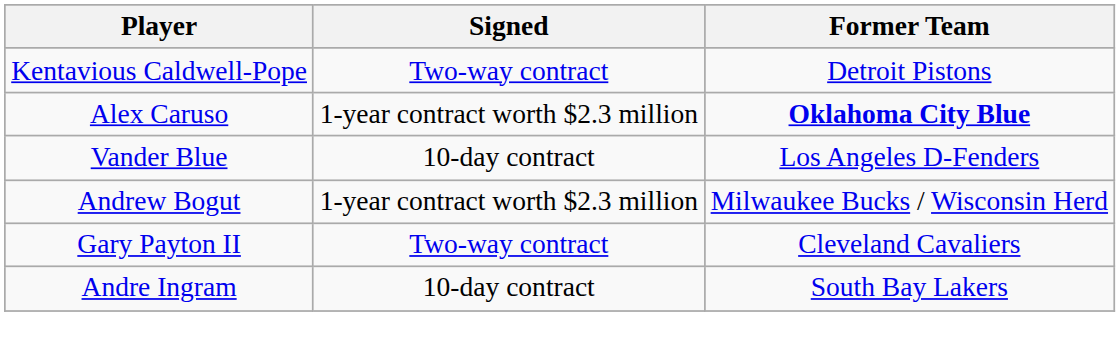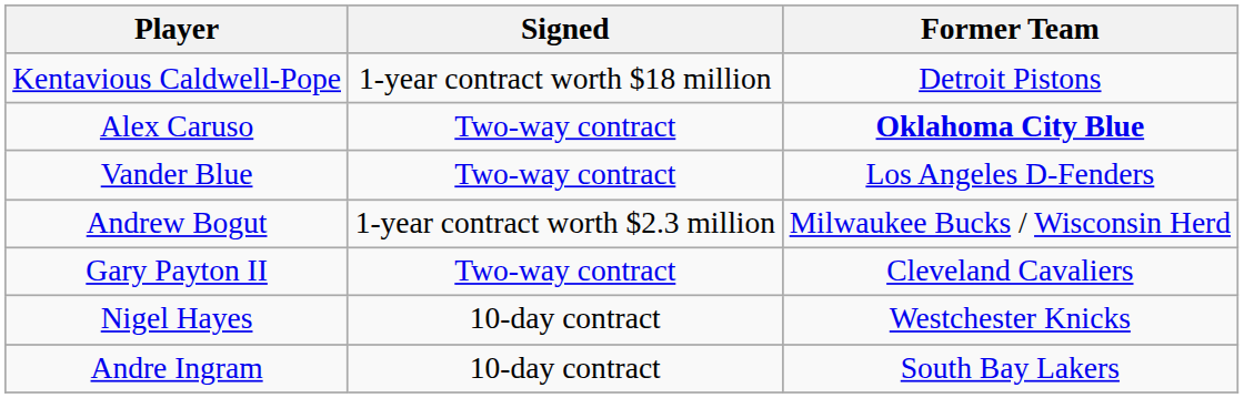 <table class="wikitable sortable sortable">
 <tr>
 <th>Player</th>
 <th>Signed</th>
 <th>Former Team</th>
 </tr>
 <tr style="text-align: center">
 <td><a href='#'>Kentavious Caldwell-Pope</a></td>
-<td><a href='#'>Two-way contract</a></td>
+<td>1-year contract worth $18 million</td>
 <td><a href='#'>Detroit Pistons</a></td>
 </tr>
 <tr style="text-align: center">
 <td><a href='#'>Alex Caruso</a></td>
-<td>1-year contract worth $2.3 million</td>
+<td><a href='#'>Two-way contract</a></td>
 <td><strong><a href='#'>Oklahoma City Blue</a></strong></td>
 </tr>
 <tr style="text-align: center">
 <td><a href='#'>Vander Blue</a></td>
-<td>10-day contract</td>
+<td><a href='#'>Two-way contract</a></td>
 <td><a href='#'>Los Angeles D-Fenders</a></td>
 </tr>
 <tr style="text-align: center">
 <td><a href='#'>Andrew Bogut</a></td>
 <td>1-year contract worth $2.3 million</td>
 <td><a href='#'>Milwaukee Bucks</a> / <a href='#'>Wisconsin Herd</a></td>
 </tr>
 <tr style="text-align: center">
 <td><a href='#'>Gary Payton II</a></td>
 <td><a href='#'>Two-way contract</a></td>
 <td><a href='#'>Cleveland Cavaliers</a></td>
 </tr>
 <tr style="text-align: center">
+<td><a href='#'>Nigel Hayes</a></td>
+<td>10-day contract</td>
+<td><a href='#'>Westchester Knicks</a></td>
+</tr>
+<tr style="text-align: center">
 <td><a href='#'>Andre Ingram</a></td>
 <td>10-day contract</td>
 <td><a href='#'>South Bay Lakers</a></td>
 </tr>
 </table>
